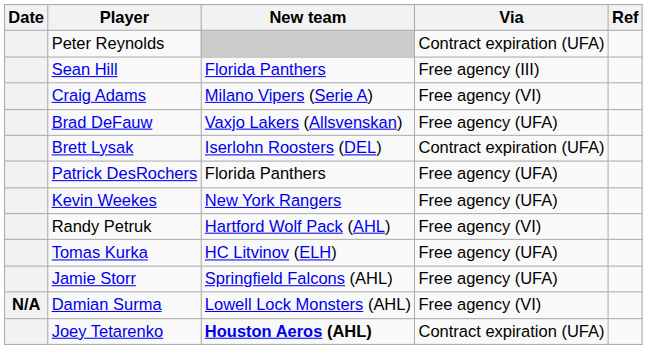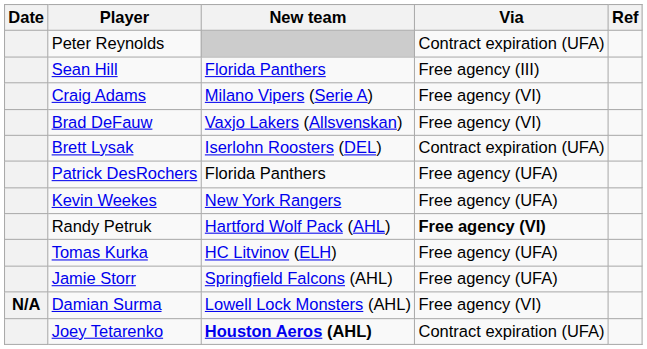 <table class="wikitable plainrowheaders">
 <tr style="background:#ddd; text-align:center;">
 <th>Date</th>
 <th>Player</th>
 <th>New team</th>
 <th>Via</th>
 <th>Ref</th>
 </tr>
 <tr>
 <th scope="row"></th>
 <td>Peter Reynolds</td>
 <td style="background:#ccc"></td>
 <td>Contract expiration (UFA)</td>
 <td></td>
 </tr>
 <tr>
 <th scope="row"></th>
 <td><a href='#'>Sean Hill</a></td>
 <td><a href='#'>Florida Panthers</a></td>
 <td>Free agency (III)</td>
 <td></td>
 </tr>
 <tr>
 <th scope="row"></th>
 <td><a href='#'>Craig Adams</a></td>
 <td><a href='#'>Milano Vipers</a> (<a href='#'>Serie A</a>)</td>
 <td>Free agency (VI)</td>
 <td></td>
 </tr>
 <tr>
 <th scope="row"></th>
 <td><a href='#'>Brad DeFauw</a></td>
 <td><a href='#'>Vaxjo Lakers</a> (<a href='#'>Allsvenskan</a>)</td>
-<td>Free agency (UFA)</td>
+<td>Free agency (VI)</td>
 <td></td>
 </tr>
 <tr>
 <th scope="row"></th>
 <td><a href='#'>Brett Lysak</a></td>
 <td><a href='#'>Iserlohn Roosters</a> (<a href='#'>DEL</a>)</td>
 <td>Contract expiration (UFA)</td>
 <td></td>
 </tr>
 <tr>
 <th scope="row"></th>
 <td><a href='#'>Patrick DesRochers</a></td>
 <td>Florida Panthers</td>
 <td>Free agency (UFA)</td>
 <td></td>
 </tr>
 <tr>
 <th scope="row"></th>
 <td><a href='#'>Kevin Weekes</a></td>
 <td><a href='#'>New York Rangers</a></td>
 <td>Free agency (UFA)</td>
 <td></td>
 </tr>
 <tr>
 <th scope="row"></th>
 <td>Randy Petruk</td>
 <td><a href='#'>Hartford Wolf Pack</a> (<a href='#'>AHL</a>)</td>
-<td>Free agency (VI)</td>
+<td><strong>Free agency (VI)</strong></td>
 <td></td>
 </tr>
 <tr>
 <th scope="row"></th>
 <td><a href='#'>Tomas Kurka</a></td>
 <td><a href='#'>HC Litvinov</a> (<a href='#'>ELH</a>)</td>
 <td>Free agency (UFA)</td>
 <td></td>
 </tr>
 <tr>
 <th scope="row"></th>
 <td><a href='#'>Jamie Storr</a></td>
 <td><a href='#'>Springfield Falcons</a> (AHL)</td>
 <td>Free agency (UFA)</td>
 <td></td>
 </tr>
 <tr>
 <th scope="row">N/A</th>
 <td><a href='#'>Damian Surma</a></td>
 <td><a href='#'>Lowell Lock Monsters</a> (AHL)</td>
 <td>Free agency (VI)</td>
 <td></td>
 </tr>
 <tr>
 <th scope="row"></th>
 <td><a href='#'>Joey Tetarenko</a></td>
 <td><strong><a href='#'>Houston Aeros</a> (AHL)</strong></td>
 <td>Contract expiration (UFA)</td>
 <td></td>
 </tr>
 </table>
